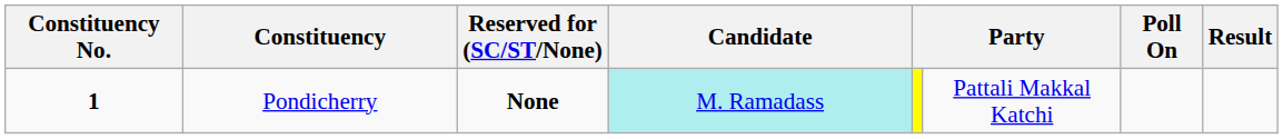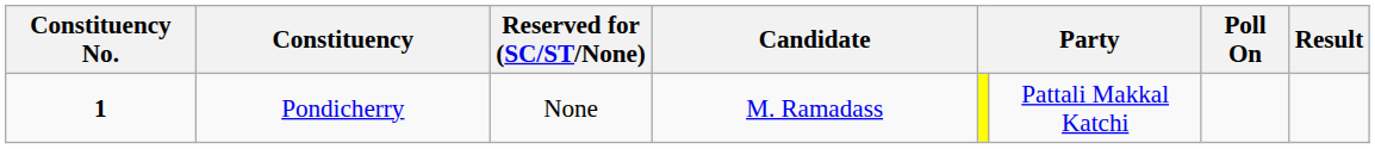 <table class="wikitable sortable" style="text-align:center">
 <tr>
 <th>Constituency No.</th>
 <th style="width:180px;">Constituency</th>
 <th>Reserved for<br>(<a href='#'>SC/ST</a>/None)</th>
 <th style="width:200px;">Candidate</th>
 <th colspan="2">Party</th>
 <th>Poll On</th>
 <th>Result</th>
 </tr>
 <tr>
 <td style="text-align:center;"><strong>1</strong></td>
 <td><a href='#'>Pondicherry</a></td>
-<td><strong>None</strong></td>
-<td style="background: paleturquoise;"><a href='#'>M. Ramadass</a></td>
+<td>None</td>
+<td><a href='#'>M. Ramadass</a></td>
 <td bgcolor=#FFFF00></td>
 <td><a href='#'>Pattali Makkal Katchi</a></td>
 <td></td>
 <td></td>
 </tr>
 </table>
